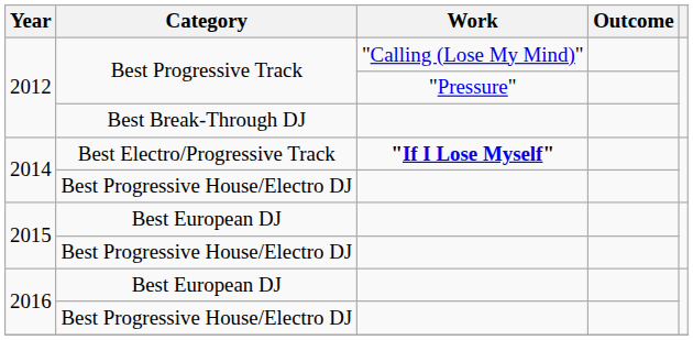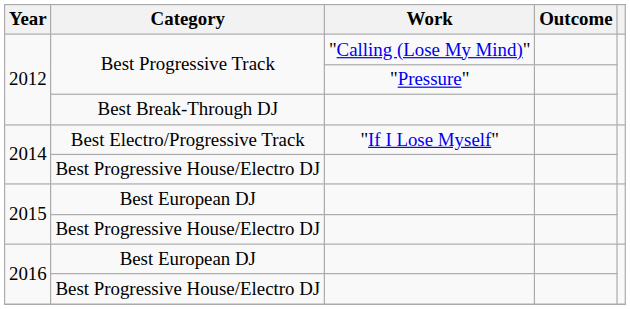 <table class="wikitable plainrowheaders" style="text-align:center;">
 <tr>
 <th>Year</th>
 <th>Category</th>
 <th>Work</th>
 <th>Outcome</th>
 <th></th>
 </tr>
 <tr>
 <td rowspan="3">2012</td>
 <td rowspan="2">Best Progressive Track</td>
 <td>"<a href='#'>Calling (Lose My Mind)</a>"</td>
 <td></td>
 <td rowspan="3"></td>
 </tr>
 <tr>
 <td>"<a href='#'>Pressure</a>"</td>
 <td></td>
 </tr>
 <tr>
 <td>Best Break-Through DJ</td>
 <td></td>
 <td></td>
 </tr>
 <tr>
 <td rowspan="2">2014</td>
 <td>Best Electro/Progressive Track</td>
-<td><strong>"<a href='#'>If I Lose Myself</a>"</strong></td>
+<td>"<a href='#'>If I Lose Myself</a>"</td>
 <td></td>
 <td rowspan="2"></td>
 </tr>
 <tr>
 <td>Best Progressive House/Electro DJ</td>
 <td></td>
 <td></td>
 </tr>
 <tr>
 <td rowspan="2">2015</td>
 <td>Best European DJ</td>
 <td></td>
 <td></td>
 <td rowspan="2"></td>
 </tr>
 <tr>
 <td>Best Progressive House/Electro DJ</td>
 <td></td>
 <td></td>
 </tr>
 <tr>
 <td rowspan="2">2016</td>
 <td>Best European DJ</td>
 <td></td>
 <td></td>
 <td rowspan="2"></td>
 </tr>
 <tr>
 <td>Best Progressive House/Electro DJ</td>
 <td></td>
 <td></td>
 </tr>
 <tr>
 </tr>
 </table>
